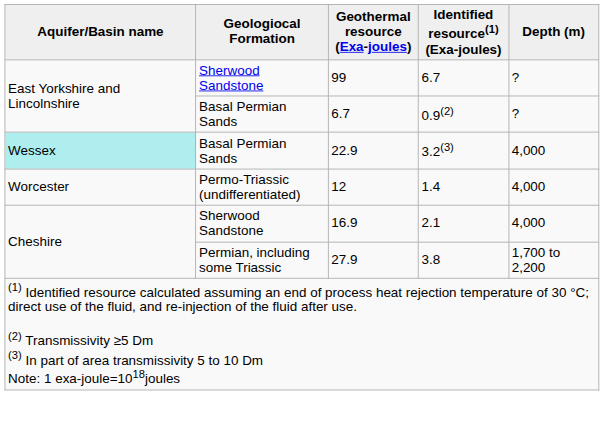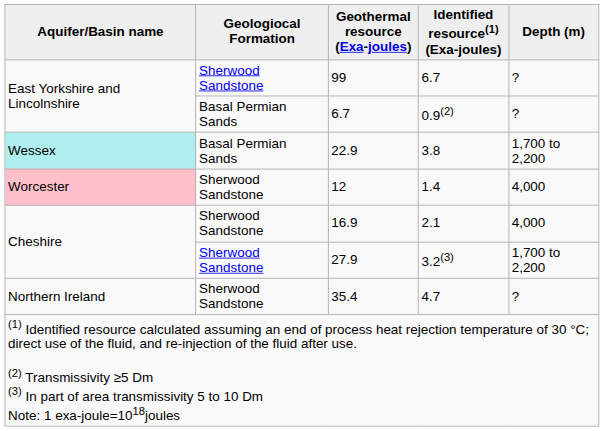 <table class="wikitable" style="margin: 1em auto 1em auto">
 <tr>
 <th style="background:#efefef; width:220px">Aquifer/Basin name</th>
 <th style="background:#efefef; width:150px">Geologiocal Formation</th>
 <th style="background:#efefef; width:100px">Geothermal<br> resource<br>(<a href='#'>Exa</a>-<a href='#'>joules</a>)</th>
 <th style="background:#efefef; width:100px">Identified<br> resource<sup>(1)</sup><br>(Exa-joules)</th>
 <th style="background:#efefef; width:100px">Depth (m)</th>
 </tr>
 <tr>
 <td rowspan=2>East Yorkshire and Lincolnshire</td>
 <td><a href='#'>Sherwood Sandstone</a></td>
 <td>99</td>
 <td>6.7</td>
 <td>?</td>
 </tr>
 <tr>
 <td>Basal Permian Sands</td>
 <td>6.7</td>
 <td>0.9<sup>(2)</sup></td>
 <td>?</td>
 </tr>
 <tr>
 <td style="background: paleturquoise;">Wessex</td>
 <td>Basal Permian Sands</td>
 <td>22.9</td>
-<td>3.2<sup>(3)</sup></td>
-<td>4,000</td>
+<td>3.8</td>
+<td>1,700 to 2,200</td>
 </tr>
 <tr>
-<td>Worcester</td>
-<td>Permo-Triassic (undifferentiated)</td>
+<td style="background: pink;">Worcester</td>
+<td>Sherwood Sandstone</td>
 <td>12</td>
 <td>1.4</td>
 <td>4,000</td>
 </tr>
 <tr>
 <td rowspan=2>Cheshire</td>
 <td>Sherwood Sandstone</td>
 <td>16.9</td>
 <td>2.1</td>
 <td>4,000</td>
 </tr>
 <tr>
-<td>Permian, including some Triassic</td>
+<td><a href='#'>Sherwood Sandstone</a></td>
 <td>27.9</td>
-<td>3.8</td>
+<td>3.2<sup>(3)</sup></td>
 <td>1,700 to 2,200</td>
+</tr>
+<tr>
+<td>Northern Ireland</td>
+<td>Sherwood Sandstone</td>
+<td>35.4</td>
+<td>4.7</td>
+<td>?</td>
 </tr>
 <tr>
 <td colspan=5><sup>(1)</sup> Identified resource calculated assuming an end of process heat rejection temperature of 30 °C; direct use of the fluid, and re-injection of the fluid after use.<br><br><sup>(2)</sup> Transmissivity ≥5 Dm<br> <sup>(3)</sup> In part of area transmissivity 5 to 10 Dm<br> Note: 1 exa-joule=10<sup>18</sup>joules</td>
 </tr>
 </table>
